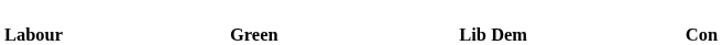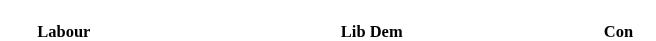 <table style="width:60%; text-align:center;">
 <tr style="color:white;">
 <td style="background:"><strong>18</strong></td>
-<td style="background:"><strong>15</strong></td>
 <td style="background:"><strong>4</strong></td>
 <td style="background:"><strong>2</strong></td>
 </tr>
 <tr>
 <td><span><strong>Labour</strong></span></td>
-<td><span><strong>Green</strong></span></td>
 <td><span><strong>Lib Dem</strong></span></td>
 <td><span><strong>Con</strong></span></td>
 </tr>
 </table>
